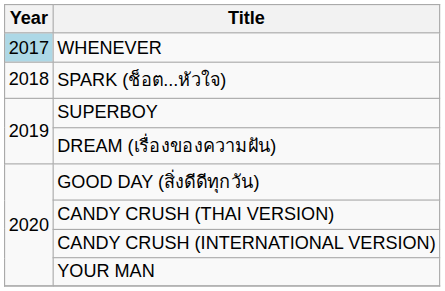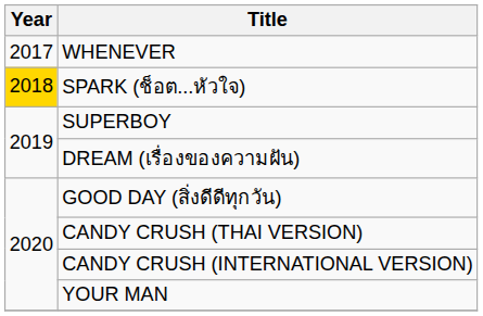 <table class="wikitable">
 <tr>
 <th>Year</th>
 <th>Title</th>
 </tr>
 <tr>
-<td style="background: lightblue;">2017</td>
+<td>2017</td>
 <td>WHENEVER</td>
 </tr>
 <tr>
-<td>2018</td>
+<td style="background: gold;">2018</td>
 <td>SPARK (ช็อต...หัวใจ)</td>
 </tr>
 <tr>
 <td rowspan = 2>2019</td>
 <td>SUPERBOY</td>
 </tr>
 <tr>
 <td>DREAM (เรื่องของความฝัน)</td>
 </tr>
 <tr>
 <td rowspan = 4>2020</td>
 <td>GOOD DAY (สิ่งดีดีทุกวัน)</td>
 </tr>
 <tr>
 <td>CANDY CRUSH (THAI VERSION)</td>
 </tr>
 <tr>
 <td>CANDY CRUSH (INTERNATIONAL VERSION)</td>
 </tr>
 <tr>
 <td>YOUR MAN</td>
 </tr>
 <tr>
 </tr>
 </table>
